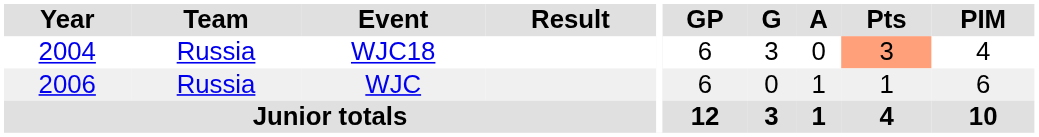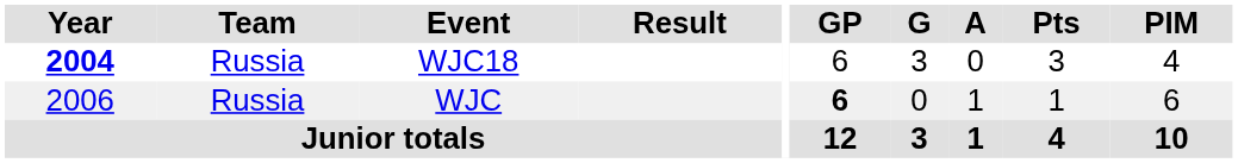 <table border="0" cellpadding="1" cellspacing="0" ID="Table3" style="text-align:center; width:40em">
 <tr ALIGN="center" bgcolor="#e0e0e0">
 <th>Year</th>
 <th>Team</th>
 <th>Event</th>
 <th>Result</th>
 <th rowspan="99" bgcolor="#ffffff"></th>
 <th>GP</th>
 <th>G</th>
 <th>A</th>
 <th>Pts</th>
 <th>PIM</th>
 </tr>
 <tr>
-<td><a href='#'>2004</a></td>
+<td><strong><a href='#'>2004</a></strong></td>
 <td><a href='#'>Russia</a></td>
 <td><a href='#'>WJC18</a></td>
 <td></td>
 <td>6</td>
 <td>3</td>
 <td>0</td>
-<td style="background: lightsalmon;">3</td>
+<td>3</td>
 <td>4</td>
 </tr>
 <tr bgcolor="#f0f0f0">
 <td><a href='#'>2006</a></td>
 <td><a href='#'>Russia</a></td>
 <td><a href='#'>WJC</a></td>
 <td></td>
-<td>6</td>
+<td><strong>6</strong></td>
 <td>0</td>
 <td>1</td>
 <td>1</td>
 <td>6</td>
 </tr>
 <tr bgcolor="#e0e0e0">
 <th colspan="4">Junior totals</th>
 <th>12</th>
 <th>3</th>
 <th>1</th>
 <th>4</th>
 <th>10</th>
 </tr>
 </table>
